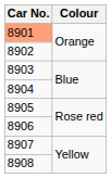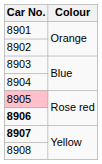 <table class="wikitable">
 <tr>
 <th>Car No.</th>
 <th>Colour</th>
 </tr>
 <tr>
-<td style="background: lightsalmon;">8901</td>
+<td>8901</td>
 <td rowspan="2"> Orange</td>
 </tr>
 <tr>
 <td>8902</td>
 </tr>
 <tr>
 <td>8903</td>
 <td rowspan="2"> Blue</td>
 </tr>
 <tr>
 <td>8904</td>
 </tr>
 <tr>
-<td>8905</td>
+<td style="background: pink;">8905</td>
 <td rowspan="2"> Rose red</td>
 </tr>
 <tr>
-<td>8906</td>
+<td><strong>8906</strong></td>
 </tr>
 <tr>
-<td>8907</td>
+<td><strong>8907</strong></td>
 <td rowspan="2"> Yellow</td>
 </tr>
 <tr>
 <td>8908</td>
 </tr>
 </table>
